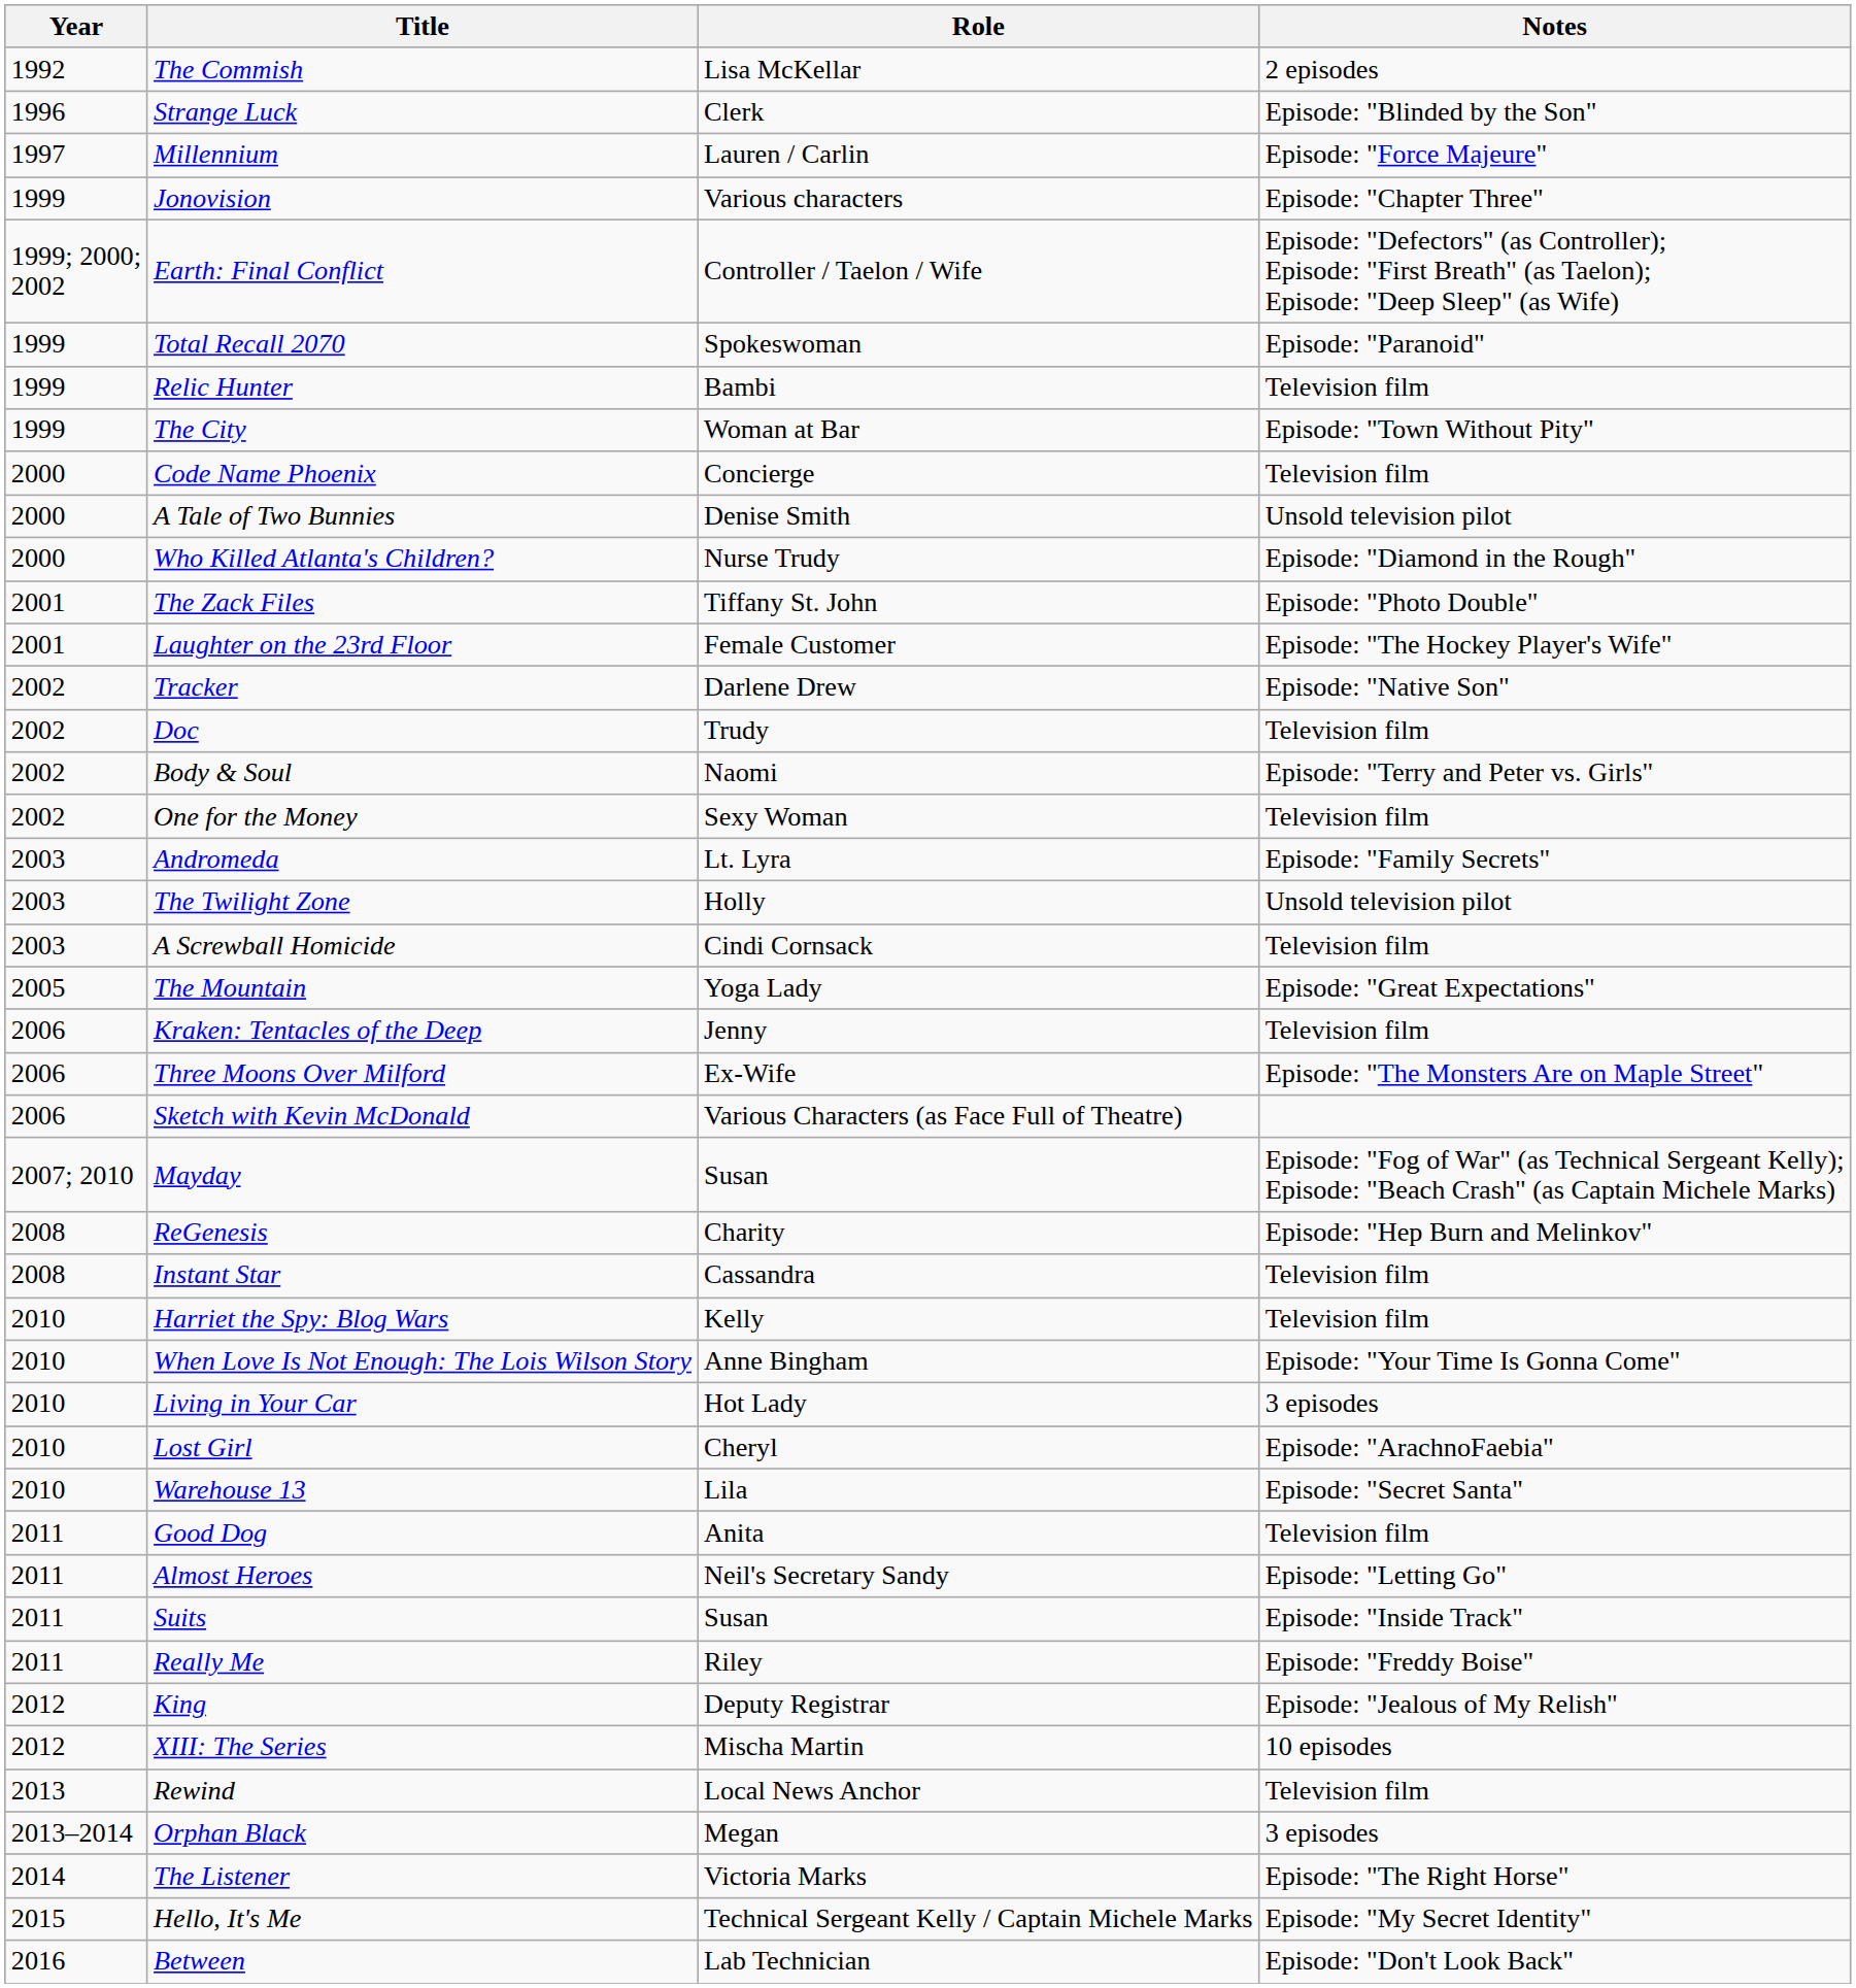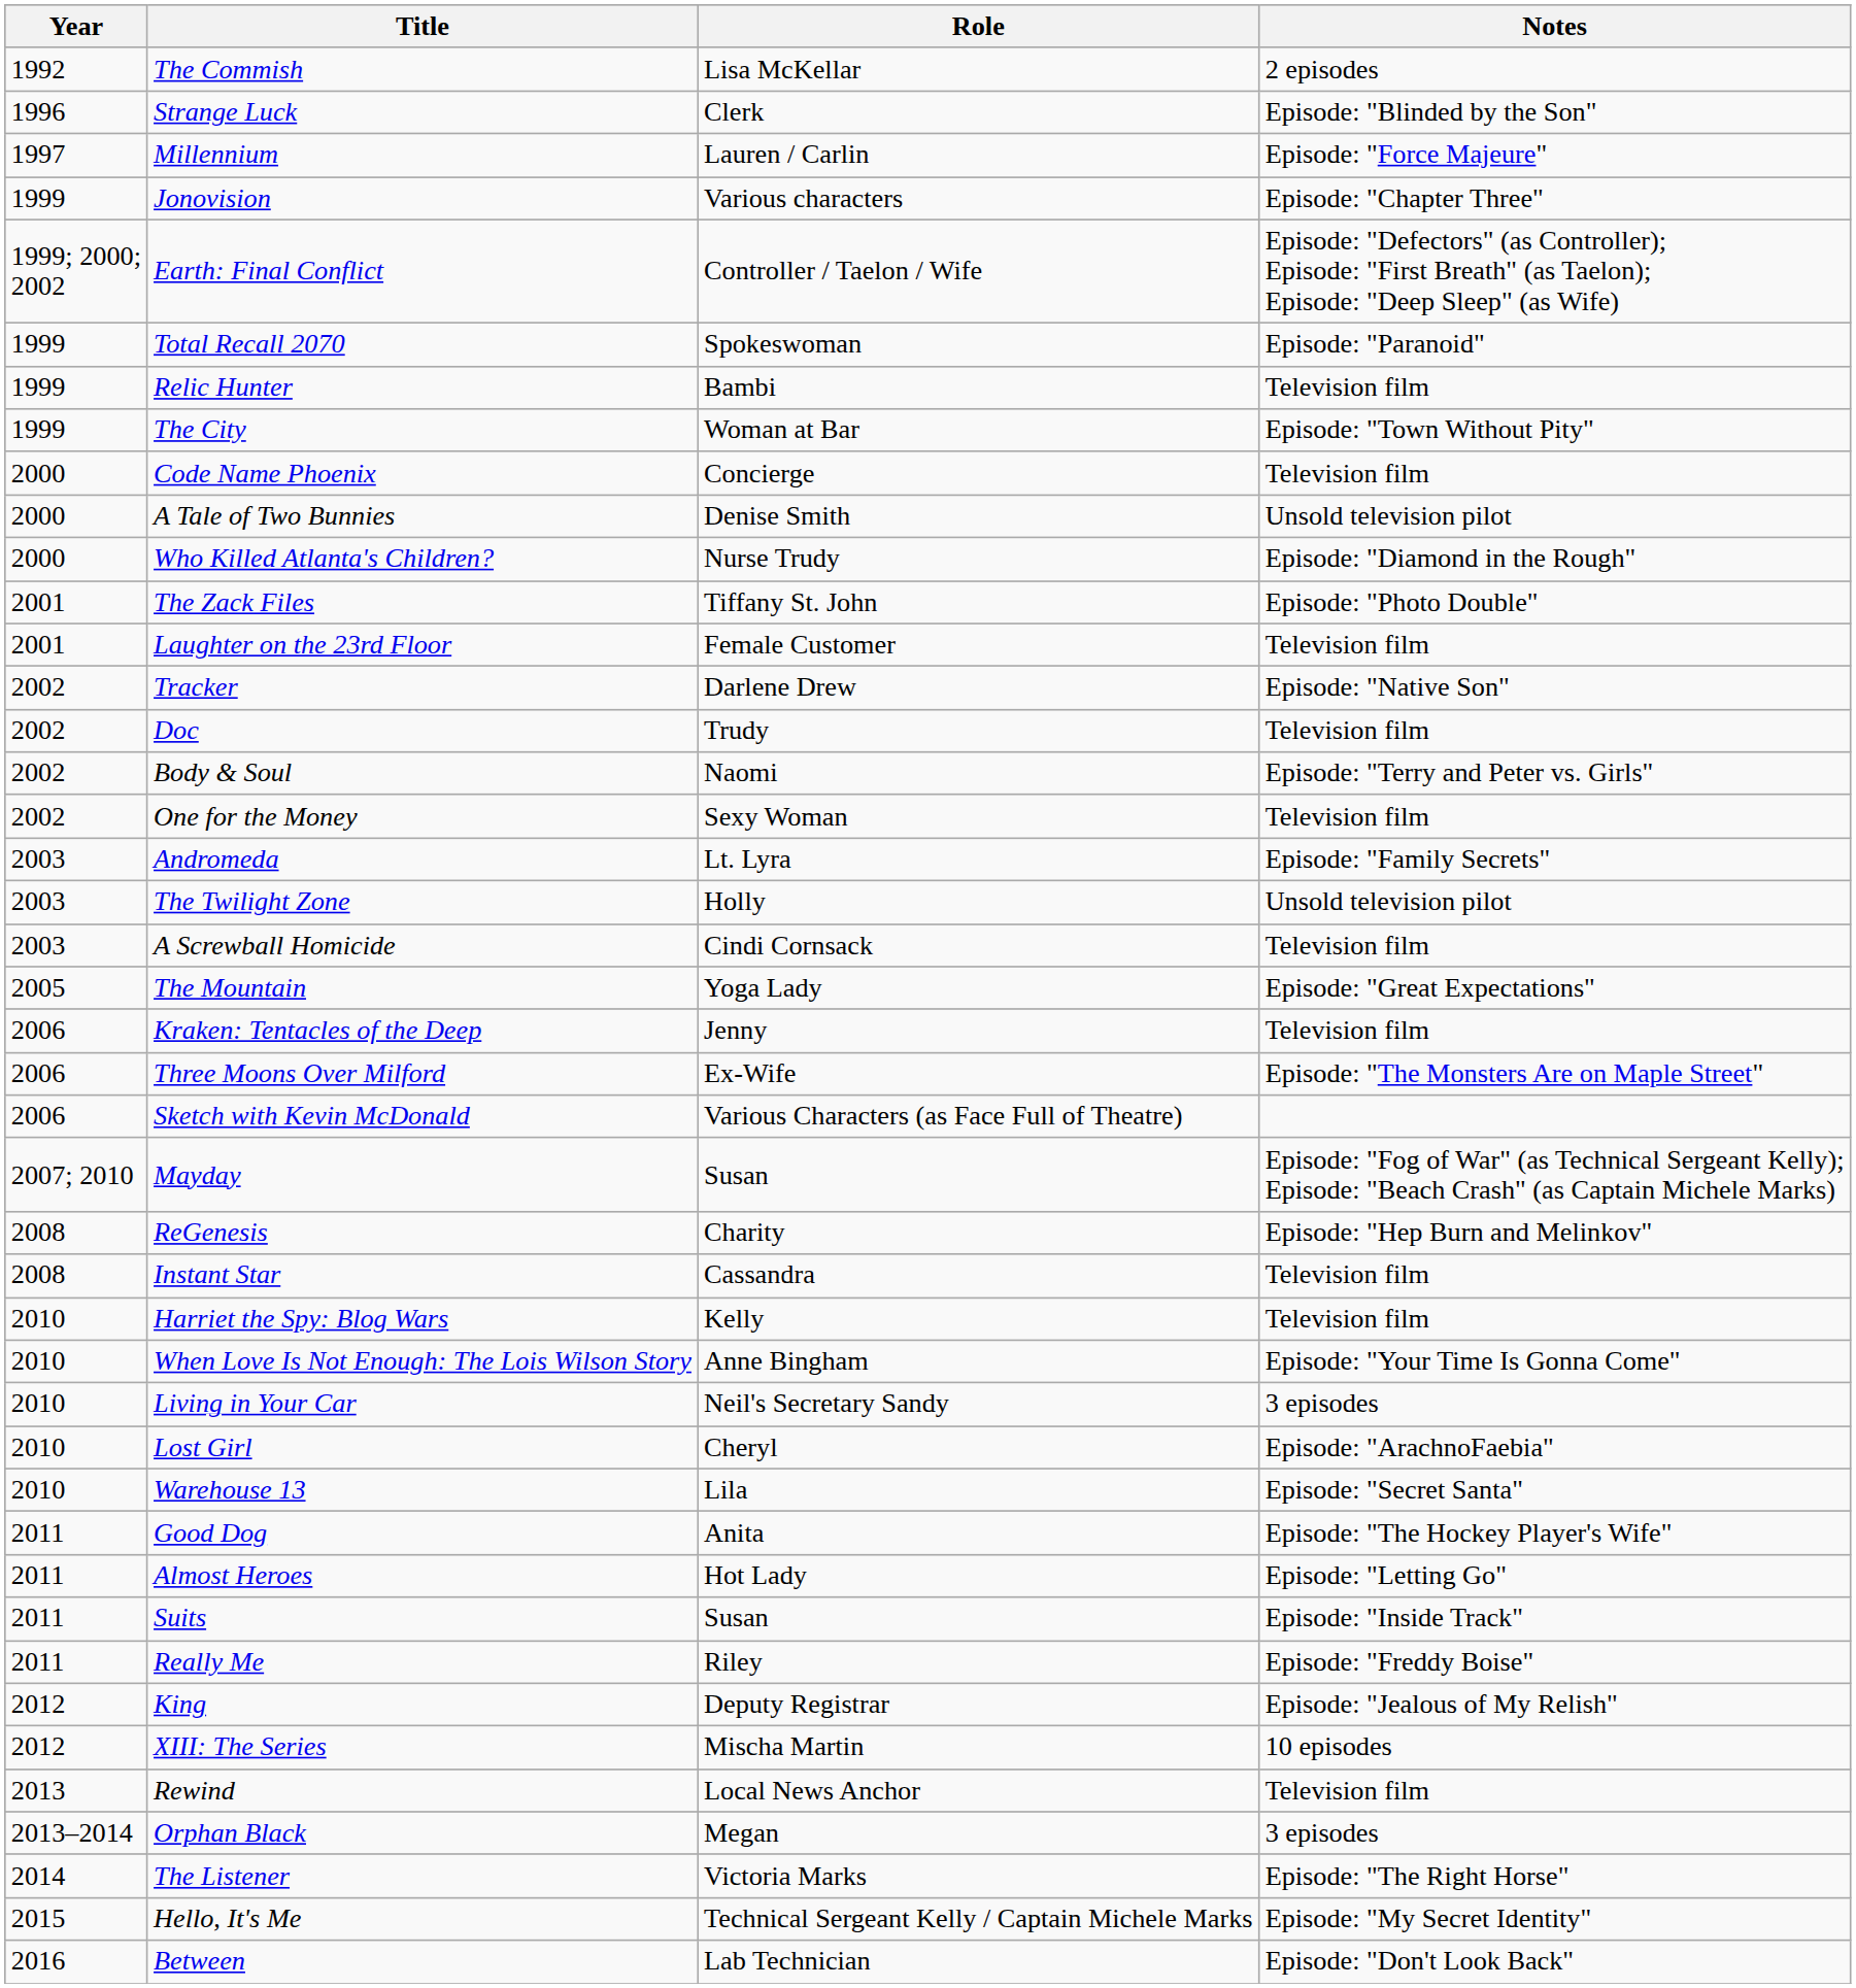 <table class="wikitable sortable">
 <tr>
 <th>Year</th>
 <th>Title</th>
 <th>Role</th>
 <th class="unsortable">Notes</th>
 </tr>
 <tr>
 <td>1992</td>
 <td data-sort-value="Commish, The"><em><a href='#'>The Commish</a></em></td>
 <td>Lisa McKellar</td>
 <td>2 episodes</td>
 </tr>
 <tr>
 <td>1996</td>
 <td><em><a href='#'>Strange Luck</a></em></td>
 <td>Clerk</td>
 <td>Episode: "Blinded by the Son"</td>
 </tr>
 <tr>
 <td>1997</td>
 <td><em><a href='#'>Millennium</a></em></td>
 <td>Lauren / Carlin</td>
 <td>Episode: "<a href='#'>Force Majeure</a>"</td>
 </tr>
 <tr>
 <td>1999</td>
 <td><em><a href='#'>Jonovision</a></em></td>
 <td>Various characters</td>
 <td>Episode: "Chapter Three"</td>
 </tr>
 <tr>
 <td>1999; 2000; <br> 2002</td>
 <td><em><a href='#'>Earth: Final Conflict</a></em></td>
 <td>Controller / Taelon / Wife</td>
 <td>Episode: "Defectors" (as Controller);<br>Episode: "First Breath" (as Taelon);<br>Episode: "Deep Sleep" (as Wife)</td>
 </tr>
 <tr>
 <td>1999</td>
 <td><em><a href='#'>Total Recall 2070</a></em></td>
 <td>Spokeswoman</td>
 <td>Episode: "Paranoid"</td>
 </tr>
 <tr>
 <td>1999</td>
 <td><em><a href='#'>Relic Hunter</a></em></td>
 <td>Bambi</td>
 <td>Television film</td>
 </tr>
 <tr>
 <td>1999</td>
 <td data-sort-value="City, The"><em><a href='#'>The City</a></em></td>
 <td>Woman at Bar</td>
 <td>Episode: "Town Without Pity"</td>
 </tr>
 <tr>
 <td>2000</td>
 <td><em><a href='#'>Code Name Phoenix</a></em></td>
 <td>Concierge</td>
 <td>Television film</td>
 </tr>
 <tr>
 <td>2000</td>
 <td data-sort-value="Tale of Two Bunnies, A"><em>A Tale of Two Bunnies</em></td>
 <td>Denise Smith</td>
 <td>Unsold television pilot</td>
 </tr>
 <tr>
 <td>2000</td>
 <td><em><a href='#'>Who Killed Atlanta's Children?</a></em></td>
 <td>Nurse Trudy</td>
 <td>Episode: "Diamond in the Rough"</td>
 </tr>
 <tr>
 <td>2001</td>
 <td data-sort-value="Zack Files, The"><em><a href='#'>The Zack Files</a></em></td>
 <td>Tiffany St. John</td>
 <td>Episode: "Photo Double"</td>
 </tr>
 <tr>
 <td>2001</td>
 <td><em><a href='#'>Laughter on the 23rd Floor</a></em></td>
 <td>Female Customer</td>
-<td>Episode: "The Hockey Player's Wife"</td>
+<td>Television film</td>
 </tr>
 <tr>
 <td>2002</td>
 <td><em><a href='#'>Tracker</a></em></td>
 <td>Darlene Drew</td>
 <td>Episode: "Native Son"</td>
 </tr>
 <tr>
 <td>2002</td>
 <td><em><a href='#'>Doc</a></em></td>
 <td>Trudy</td>
 <td>Television film</td>
 </tr>
 <tr>
 <td>2002</td>
 <td><em>Body & Soul</em></td>
 <td>Naomi</td>
 <td>Episode: "Terry and Peter vs. Girls"</td>
 </tr>
 <tr>
 <td>2002</td>
 <td><em>One for the Money</em></td>
 <td>Sexy Woman</td>
 <td>Television film</td>
 </tr>
 <tr>
 <td>2003</td>
 <td><em><a href='#'>Andromeda</a></em></td>
 <td>Lt. Lyra</td>
 <td>Episode: "Family Secrets"</td>
 </tr>
 <tr>
 <td>2003</td>
 <td data-sort-value="Twilight Zone, The"><em><a href='#'>The Twilight Zone</a></em></td>
 <td>Holly</td>
 <td>Unsold television pilot</td>
 </tr>
 <tr>
 <td>2003</td>
 <td data-sort-value="Screwball Homicide, A"><em>A Screwball Homicide</em></td>
 <td>Cindi Cornsack</td>
 <td>Television film</td>
 </tr>
 <tr>
 <td>2005</td>
 <td data-sort-value="Mountain, The"><em><a href='#'>The Mountain</a></em></td>
 <td>Yoga Lady</td>
 <td>Episode: "Great Expectations"</td>
 </tr>
 <tr>
 <td>2006</td>
 <td><em><a href='#'>Kraken: Tentacles of the Deep</a></em></td>
 <td>Jenny</td>
 <td>Television film</td>
 </tr>
 <tr>
 <td>2006</td>
 <td><em><a href='#'>Three Moons Over Milford</a></em></td>
 <td>Ex-Wife</td>
 <td>Episode: "<a href='#'>The Monsters Are on Maple Street</a>"</td>
 </tr>
 <tr>
 <td>2006</td>
 <td><em><a href='#'>Sketch with Kevin McDonald</a></em></td>
 <td>Various Characters (as Face Full of Theatre)</td>
 <td></td>
 </tr>
 <tr>
 <td>2007; 2010</td>
 <td><em><a href='#'>Mayday</a></em></td>
 <td>Susan</td>
 <td>Episode: "Fog of War" (as Technical Sergeant Kelly);<br>Episode: "Beach Crash" (as Captain Michele Marks)</td>
 </tr>
 <tr>
 <td>2008</td>
 <td><em><a href='#'>ReGenesis</a></em></td>
 <td>Charity</td>
 <td>Episode: "Hep Burn and Melinkov"</td>
 </tr>
 <tr>
 <td>2008</td>
 <td><em><a href='#'>Instant Star</a></em></td>
 <td>Cassandra</td>
 <td>Television film</td>
 </tr>
 <tr>
 <td>2010</td>
 <td><em><a href='#'>Harriet the Spy: Blog Wars</a></em></td>
 <td>Kelly</td>
 <td>Television film</td>
 </tr>
 <tr>
 <td>2010</td>
 <td><em><a href='#'>When Love Is Not Enough: The Lois Wilson Story</a></em></td>
 <td>Anne Bingham</td>
 <td>Episode: "Your Time Is Gonna Come"</td>
 </tr>
 <tr>
 <td>2010</td>
 <td><em><a href='#'>Living in Your Car</a></em></td>
-<td>Hot Lady</td>
+<td>Neil's Secretary Sandy</td>
 <td>3 episodes</td>
 </tr>
 <tr>
 <td>2010</td>
 <td><em><a href='#'>Lost Girl</a></em></td>
 <td>Cheryl</td>
 <td>Episode: "ArachnoFaebia"</td>
 </tr>
 <tr>
 <td>2010</td>
 <td><em><a href='#'>Warehouse 13</a></em></td>
 <td>Lila</td>
 <td>Episode: "Secret Santa"</td>
 </tr>
 <tr>
 <td>2011</td>
 <td><em><a href='#'>Good Dog</a></em></td>
 <td>Anita</td>
-<td>Television film</td>
+<td>Episode: "The Hockey Player's Wife"</td>
 </tr>
 <tr>
 <td>2011</td>
 <td><em><a href='#'>Almost Heroes</a></em></td>
-<td>Neil's Secretary Sandy</td>
+<td>Hot Lady</td>
 <td>Episode: "Letting Go"</td>
 </tr>
 <tr>
 <td>2011</td>
 <td><em><a href='#'>Suits</a></em></td>
 <td>Susan</td>
 <td>Episode: "Inside Track"</td>
 </tr>
 <tr>
 <td>2011</td>
 <td><em><a href='#'>Really Me</a></em></td>
 <td>Riley</td>
 <td>Episode: "Freddy Boise"</td>
 </tr>
 <tr>
 <td>2012</td>
 <td><em><a href='#'>King</a></em></td>
 <td>Deputy Registrar</td>
 <td>Episode: "Jealous of My Relish"</td>
 </tr>
 <tr>
 <td>2012</td>
 <td><em><a href='#'>XIII: The Series</a></em></td>
 <td>Mischa Martin</td>
 <td>10 episodes</td>
 </tr>
 <tr>
 <td>2013</td>
 <td><em>Rewind</em></td>
 <td>Local News Anchor</td>
 <td>Television film</td>
 </tr>
 <tr>
 <td>2013–2014</td>
 <td><em><a href='#'>Orphan Black</a></em></td>
 <td>Megan</td>
 <td>3 episodes</td>
 </tr>
 <tr>
 <td>2014</td>
 <td data-sort-value="Listener, The"><em><a href='#'>The Listener</a></em></td>
 <td>Victoria Marks</td>
 <td>Episode: "The Right Horse"</td>
 </tr>
 <tr>
 <td>2015</td>
 <td><em>Hello, It's Me</em></td>
 <td>Technical Sergeant Kelly / Captain Michele Marks</td>
 <td>Episode: "My Secret Identity"</td>
 </tr>
 <tr>
 <td>2016</td>
 <td><em><a href='#'>Between</a></em></td>
 <td>Lab Technician</td>
 <td>Episode: "Don't Look Back"</td>
 </tr>
 <tr>
 </tr>
 </table>
